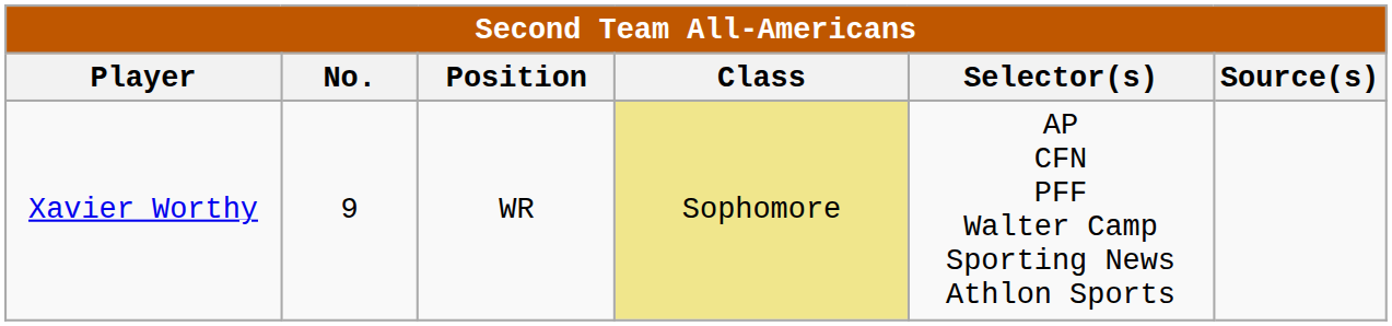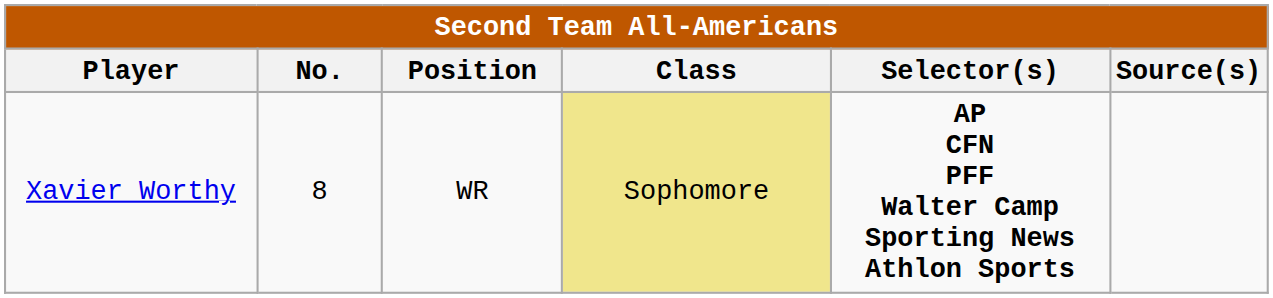 <table class="wikitable" style="text-align:center">
 <tr>
 <td colspan="6" style= "background: #BF5700; color:white"><strong>Second Team All-Americans</strong></td>
 </tr>
 <tr>
 <th style="width:150px; ">Player</th>
 <th style="width:70px; ">No.</th>
 <th style="width:90px; ">Position</th>
 <th style="width:150px; ">Class</th>
 <th style="width:150px; ">Selector(s)</th>
 <th style="width:10px; ">Source(s)</th>
 </tr>
 <tr>
 <td><a href='#'>Xavier Worthy</a></td>
-<td>9</td>
+<td>8</td>
 <td>WR</td>
 <td style="background: khaki;">Sophomore</td>
-<td>AP<br>CFN<br>PFF<br>Walter Camp<br>Sporting News<br>Athlon Sports</td>
+<td><strong>AP<br>CFN<br>PFF<br>Walter Camp<br>Sporting News<br>Athlon Sports</strong></td>
 <td><br><br><br><br><br><br></td>
 </tr>
 </table>
